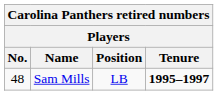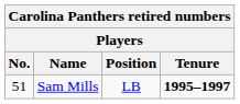 <table class="wikitable" style="text-align:center">
 <tr>
 <th colspan=5>Carolina Panthers retired numbers</th>
 </tr>
 <tr>
 <th colspan=5>Players</th>
 </tr>
 <tr>
 <th>No.</th>
 <th>Name</th>
 <th>Position</th>
 <th>Tenure</th>
 </tr>
 <tr>
-<td>48</td>
+<td>51</td>
 <td><a href='#'>Sam Mills</a></td>
 <td><a href='#'>LB</a></td>
 <td><strong>1995–1997</strong></td>
 </tr>
 </table>
